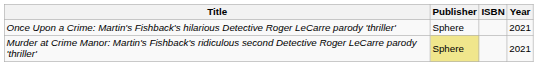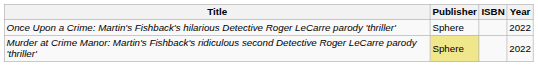 <table class="wikitable">
 <tr>
 <th>Title</th>
 <th>Publisher</th>
 <th>ISBN</th>
 <th>Year</th>
 </tr>
 <tr>
 <td><em>Once Upon a Crime: Martin's Fishback's hilarious Detective Roger LeCarre parody 'thriller' </em></td>
 <td>Sphere</td>
 <td> </td>
-<td>2021</td>
+<td>2022</td>
 </tr>
 <tr>
 <td><em>Murder at Crime Manor: Martin's Fishback's ridiculous second Detective Roger LeCarre parody 'thriller' </em></td>
 <td style="background: khaki;">Sphere</td>
 <td></td>
-<td>2021</td>
+<td>2022</td>
 </tr>
 </table>
